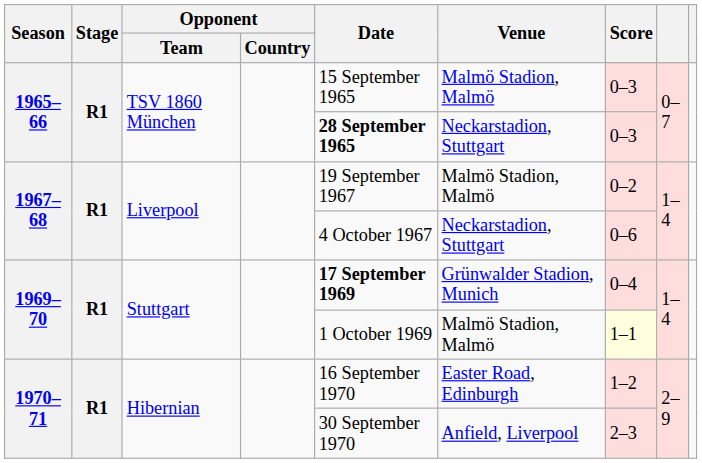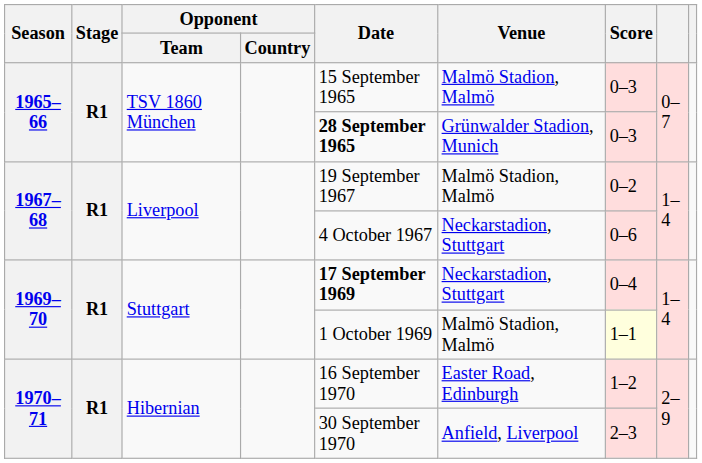 <table class="wikitable plainrowheaders">
 <tr>
 <th rowspan=2>Season</th>
 <th rowspan=2>Stage</th>
 <th scope="col" colspan=2>Opponent</th>
 <th scope="col" rowspan=2>Date</th>
 <th scope="col" rowspan=2>Venue</th>
 <th scope="col" rowspan=2>Score</th>
 <th scope="col" rowspan=2></th>
 <th scope="col" rowspan=2></th>
 </tr>
 <tr>
 <th scope="col">Team</th>
 <th scope="col">Country</th>
 </tr>
 <tr>
 <th scope=row rowspan="2"><a href='#'>1965–66</a></th>
 <th scope=row rowspan="2">R1</th>
 <td rowspan="2"><a href='#'>TSV 1860 München</a></td>
 <td rowspan="2"></td>
 <td>15 September 1965</td>
 <td><a href='#'>Malmö Stadion</a>, <a href='#'>Malmö</a></td>
 <td bgcolor="#ffdddd">0–3</td>
 <td rowspan="2" bgcolor="#ffdddd">0–7</td>
 <td rowspan="2" align=center></td>
 </tr>
 <tr>
 <td><strong>28 September 1965</strong></td>
-<td><a href='#'>Neckarstadion</a>, <a href='#'>Stuttgart</a></td>
+<td><a href='#'>Grünwalder Stadion</a>, <a href='#'>Munich</a></td>
 <td bgcolor="#ffdddd">0–3</td>
 </tr>
 <tr>
 <th scope=row rowspan="2"><a href='#'>1967–68</a></th>
 <th scope=row rowspan="2">R1</th>
 <td rowspan="2"><a href='#'>Liverpool</a></td>
 <td rowspan="2"></td>
 <td>19 September 1967</td>
 <td>Malmö Stadion, Malmö</td>
 <td bgcolor="#ffdddd">0–2</td>
 <td rowspan="2" bgcolor="#ffdddd">1–4</td>
 <td rowspan="2" align=center></td>
 </tr>
 <tr>
 <td>4 October 1967</td>
 <td><a href='#'>Neckarstadion</a>, <a href='#'>Stuttgart</a></td>
 <td bgcolor="#ffdddd">0–6</td>
 </tr>
 <tr>
 <th scope=row rowspan="2"><a href='#'>1969–70</a></th>
 <th scope=row rowspan="2">R1</th>
 <td rowspan="2"><a href='#'>Stuttgart</a></td>
 <td rowspan="2"></td>
 <td><strong>17 September 1969</strong></td>
-<td><a href='#'>Grünwalder Stadion</a>, <a href='#'>Munich</a></td>
+<td><a href='#'>Neckarstadion</a>, <a href='#'>Stuttgart</a></td>
 <td bgcolor="#ffdddd">0–4</td>
 <td rowspan="2" bgcolor="#ffdddd">1–4</td>
 <td rowspan="2" align=center></td>
 </tr>
 <tr>
 <td>1 October 1969</td>
 <td>Malmö Stadion, Malmö</td>
 <td bgcolor="#ffffdd">1–1</td>
 </tr>
 <tr>
 <th scope=row rowspan="2"><a href='#'>1970–71</a></th>
 <th scope=row rowspan="2">R1</th>
 <td rowspan="2"><a href='#'>Hibernian</a></td>
 <td rowspan="2"></td>
 <td>16 September 1970</td>
 <td><a href='#'>Easter Road</a>, <a href='#'>Edinburgh</a></td>
 <td bgcolor="#ffdddd">1–2</td>
 <td rowspan="2" bgcolor="#ffdddd">2–9</td>
 <td rowspan="2" align=center></td>
 </tr>
 <tr>
 <td>30 September 1970</td>
 <td><a href='#'>Anfield</a>, <a href='#'>Liverpool</a></td>
 <td bgcolor="#ffdddd">2–3</td>
 </tr>
 </table>
